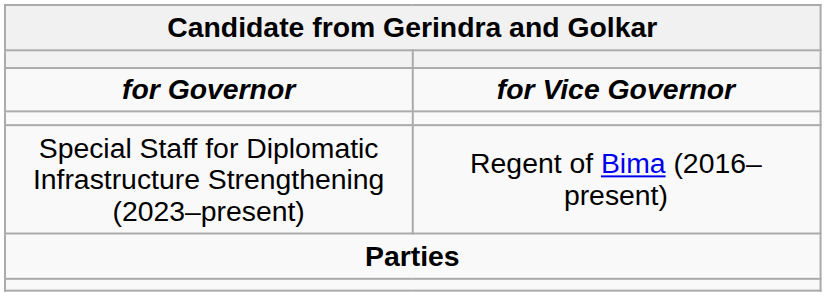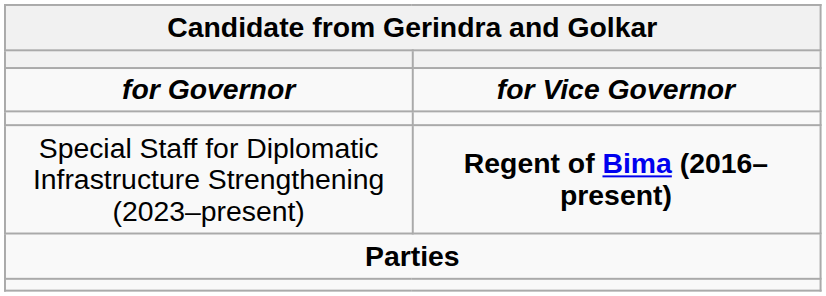 <table class="wikitable" style="font-size:90%; text-align:center;">
 <tr>
 <td colspan=2 style="background:#f1f1f1;"><strong>Candidate from Gerindra and Golkar</strong></td>
 </tr>
 <tr>
 <th style="font-size:135%; background:#"><a href='#'></a></th>
 <th style="font-size:135%; background:#"><a href='#'></a></th>
 </tr>
 <tr style="color:#000; font-size:100%; background:#">
 <td style="width:3em; width:200px;"><strong><em>for Governor</em></strong></td>
 <td style="width:3em; width:200px;"><strong><em>for Vice Governor</em></strong></td>
 </tr>
 <tr>
 <td></td>
 <td></td>
 </tr>
 <tr>
 <td>Special Staff for Diplomatic Infrastructure Strengthening (2023–present)</td>
-<td>Regent of <a href='#'>Bima</a> (2016–present)</td>
+<td><strong>Regent of <a href='#'>Bima</a> (2016–present)</strong></td>
 </tr>
 <tr>
 <td colspan=2><strong>Parties</strong></td>
 </tr>
 <tr>
 <td colspan=2> </td>
 </tr>
 </table>
